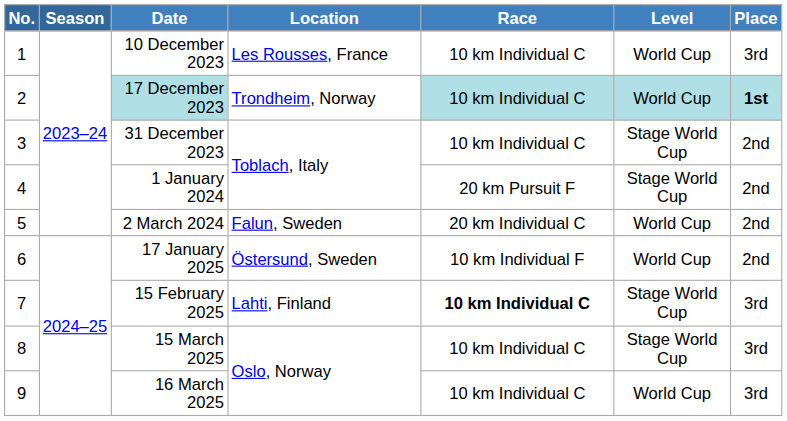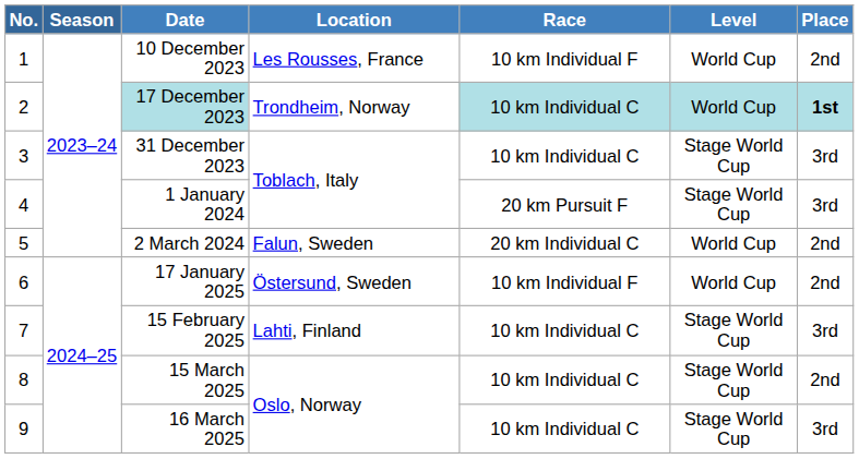 <table class="wikitable sortable" style="font-size:95%; text-align:center; border:grey solid 1px; border-collapse:collapse; background:#ffffff;">
 <tr style="background:#efefef;">
 <th style="background-color:#369; color:white;">No.</th>
 <th style="background-color:#369; color:white;">Season</th>
 <th style="background-color:#4180be; color:white; width:100px;">Date</th>
 <th style="background-color:#4180be; color:white; width:170px;">Location</th>
 <th style="background-color:#4180be; color:white; width:170px;">Race</th>
 <th style="background-color:#4180be; color:white; width:100px;">Level</th>
 <th style="background-color:#4180be; color:white;">Place</th>
 </tr>
 <tr>
 <td align=center>1</td>
 <td rowspan="5" align=center><a href='#'>2023–24</a></td>
 <td align=right>10 December 2023</td>
 <td align=left> <a href='#'>Les Rousses</a>, France</td>
-<td>10 km Individual C</td>
+<td>10 km Individual F</td>
 <td>World Cup</td>
-<td>3rd</td>
+<td>2nd</td>
 </tr>
 <tr>
 <td align=center>2</td>
 <td bgcolor="#BOEOE6" align=right>17 December 2023</td>
 <td align=left> <a href='#'>Trondheim</a>, Norway</td>
 <td bgcolor="#BOEOE6">10 km Individual C</td>
 <td bgcolor="#BOEOE6">World Cup</td>
 <td bgcolor="#BOEOE6"><strong>1st</strong></td>
 </tr>
 <tr>
 <td align=center>3</td>
 <td align=right>31 December 2023</td>
 <td rowspan="2" align=left> <a href='#'>Toblach</a>, Italy</td>
 <td>10 km Individual C</td>
 <td>Stage World Cup</td>
-<td>2nd</td>
+<td>3rd</td>
 </tr>
 <tr>
 <td align=center>4</td>
 <td align=right>1 January 2024</td>
 <td>20 km Pursuit F</td>
 <td>Stage World Cup</td>
-<td>2nd</td>
+<td>3rd</td>
 </tr>
 <tr>
 <td align=center>5</td>
 <td align=right>2 March 2024</td>
 <td align="left"> <a href='#'>Falun</a>, Sweden</td>
 <td>20 km Individual C</td>
 <td>World Cup</td>
 <td>2nd</td>
 </tr>
 <tr>
 <td align=center>6</td>
 <td rowspan="4" align="center"><a href='#'>2024–25</a></td>
 <td align=right>17 January 2025</td>
 <td align=left> <a href='#'>Östersund</a>, Sweden</td>
 <td>10 km Individual F</td>
 <td>World Cup</td>
 <td>2nd</td>
 </tr>
 <tr>
 <td align=center>7</td>
 <td align="right">15 February 2025</td>
 <td align=left> <a href='#'>Lahti</a>, Finland</td>
-<td><strong>10 km Individual C</strong></td>
+<td>10 km Individual C</td>
 <td>Stage World Cup</td>
 <td>3rd</td>
 </tr>
 <tr>
 <td align=center>8</td>
 <td align="right">15 March 2025</td>
 <td rowspan=2 align="left"> <a href='#'>Oslo</a>, Norway</td>
 <td>10 km Individual C</td>
 <td>Stage World Cup</td>
-<td>3rd</td>
+<td>2nd</td>
 </tr>
 <tr>
 <td align=center>9</td>
 <td align="right">16 March 2025</td>
 <td>10 km Individual C</td>
-<td>World Cup</td>
+<td>Stage World Cup</td>
 <td>3rd</td>
 </tr>
 </table>
